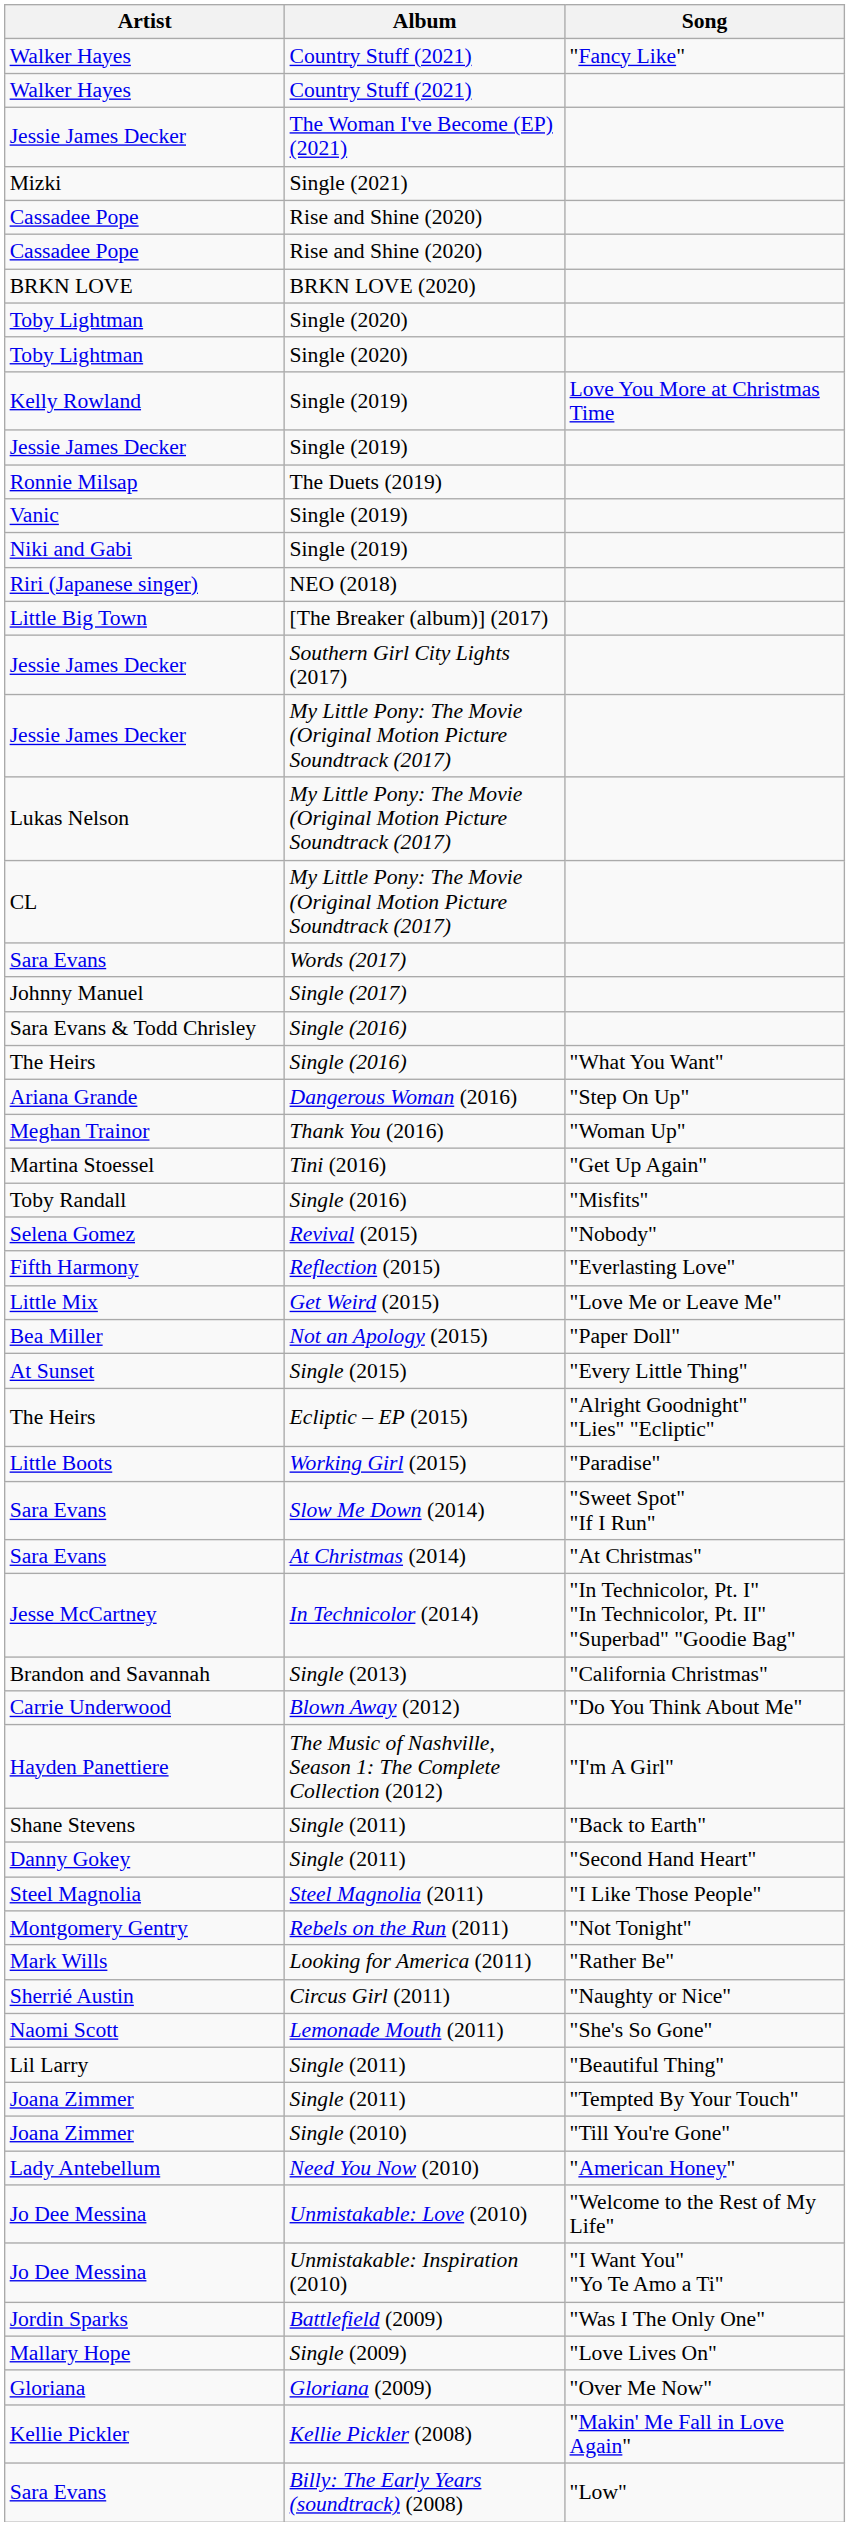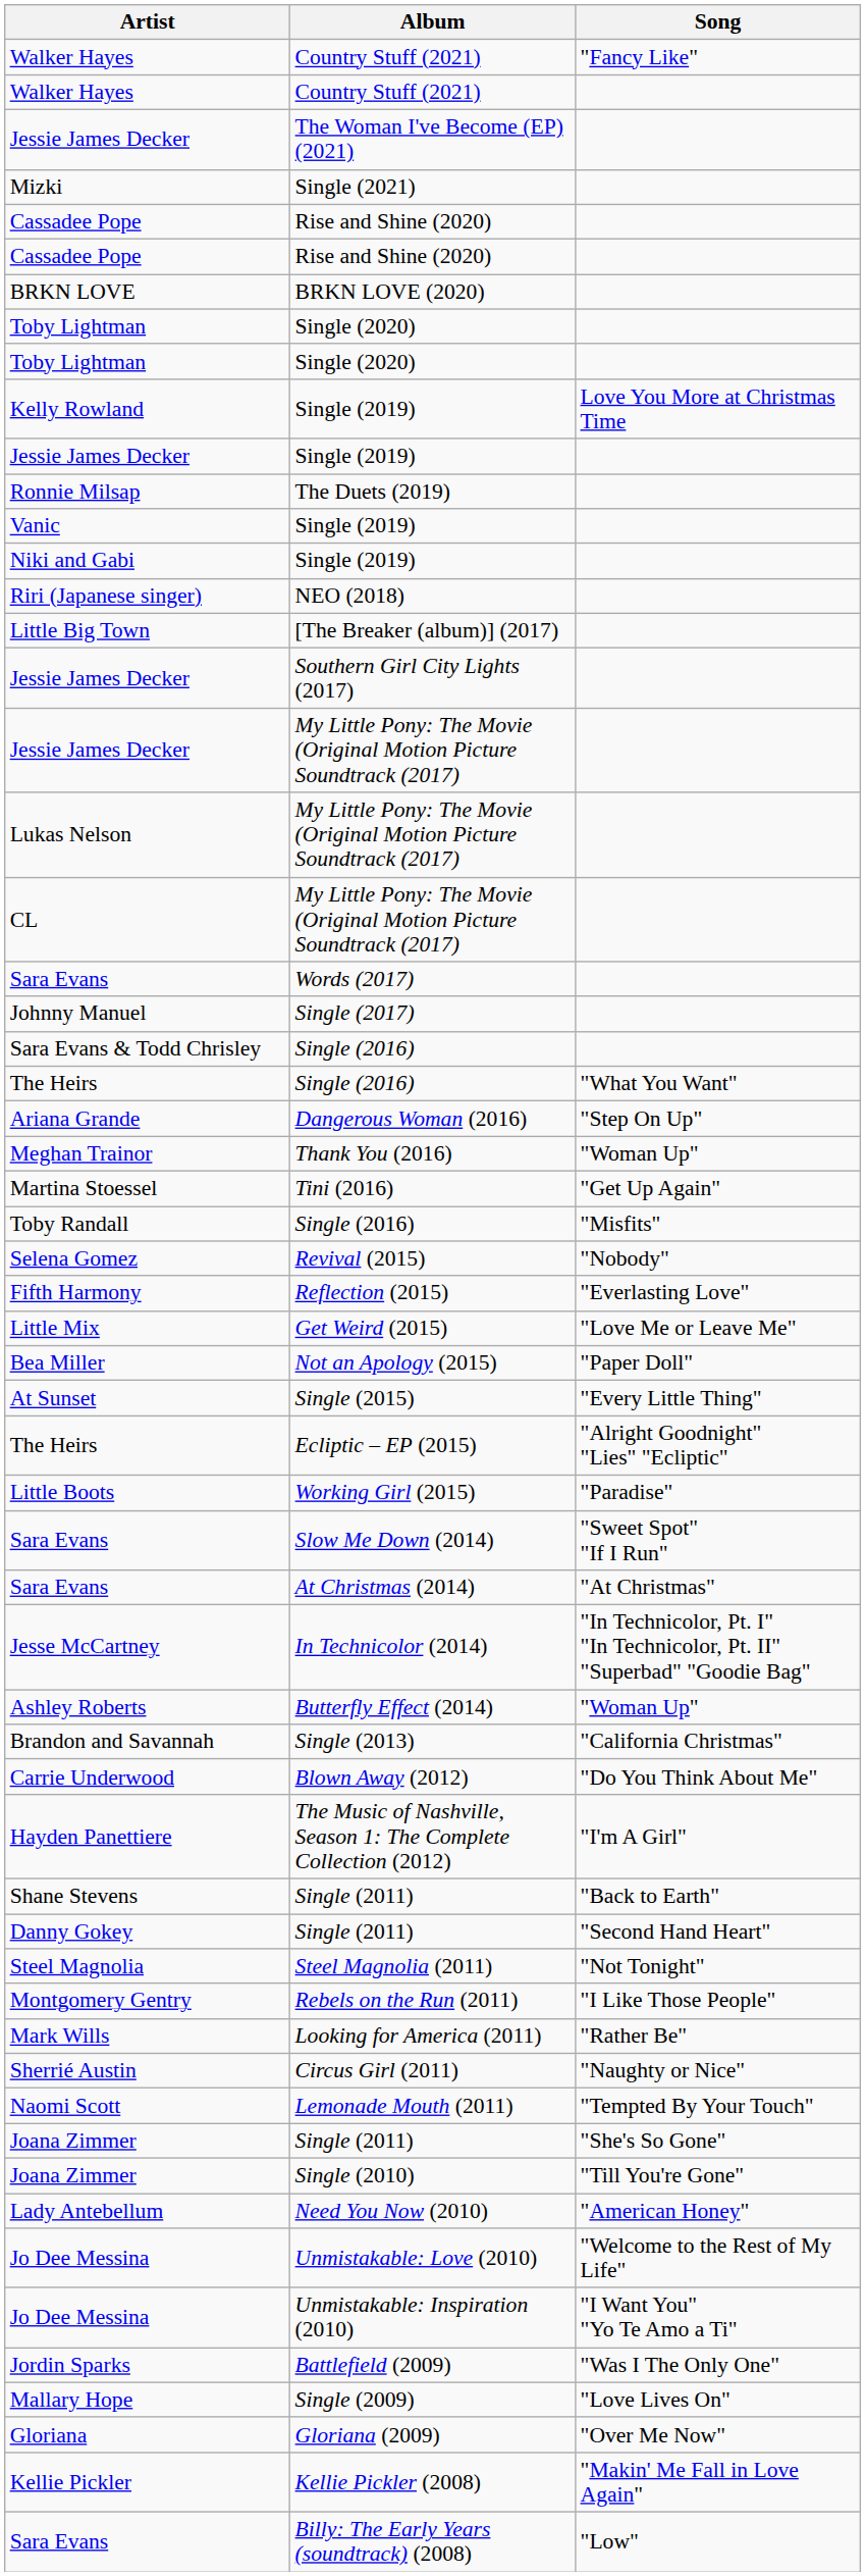 <table class="wikitable">
 <tr>
 <th width="200">Artist</th>
 <th width="200">Album</th>
 <th width="200">Song</th>
 </tr>
 <tr>
 <td><a href='#'>Walker Hayes</a></td>
 <td><a href='#'>Country Stuff (2021)</a></td>
 <td>"<a href='#'>Fancy Like</a>"</td>
 </tr>
 <tr>
 <td><a href='#'>Walker Hayes</a></td>
 <td><a href='#'>Country Stuff (2021)</a></td>
 <td></td>
 </tr>
 <tr>
 <td><a href='#'>Jessie James Decker</a></td>
 <td><a href='#'>The Woman I've Become (EP) (2021)</a></td>
 <td></td>
 </tr>
 <tr>
 <td>Mizki</td>
 <td>Single (2021)</td>
 <td></td>
 </tr>
 <tr>
 <td><a href='#'>Cassadee Pope</a></td>
 <td>Rise and Shine (2020)</td>
 <td></td>
 </tr>
 <tr>
 <td><a href='#'>Cassadee Pope</a></td>
 <td>Rise and Shine (2020)</td>
 <td></td>
 </tr>
 <tr>
 <td>BRKN LOVE</td>
 <td>BRKN LOVE (2020)</td>
 <td></td>
 </tr>
 <tr>
 <td><a href='#'>Toby Lightman</a></td>
 <td>Single (2020)</td>
 <td></td>
 </tr>
 <tr>
 <td><a href='#'>Toby Lightman</a></td>
 <td>Single (2020)</td>
 <td></td>
 </tr>
 <tr>
 <td><a href='#'>Kelly Rowland</a></td>
 <td>Single (2019)</td>
 <td><a href='#'>Love You More at Christmas Time</a></td>
 </tr>
 <tr>
 <td><a href='#'>Jessie James Decker</a></td>
 <td>Single (2019)</td>
 <td></td>
 </tr>
 <tr>
 <td><a href='#'>Ronnie Milsap</a></td>
 <td>The Duets (2019)</td>
 <td></td>
 </tr>
 <tr>
 <td><a href='#'>Vanic</a></td>
 <td>Single (2019)</td>
 <td></td>
 </tr>
 <tr>
 <td><a href='#'>Niki and Gabi</a></td>
 <td>Single (2019)</td>
 <td></td>
 </tr>
 <tr>
 <td><a href='#'>Riri (Japanese singer)</a></td>
 <td>NEO (2018)</td>
 <td></td>
 </tr>
 <tr>
 <td><a href='#'>Little Big Town</a></td>
 <td>[The Breaker (album)] (2017)</td>
 <td></td>
 </tr>
 <tr>
 <td><a href='#'>Jessie James Decker</a></td>
 <td><em>Southern Girl City Lights</em> (2017)</td>
 <td></td>
 </tr>
 <tr>
 <td><a href='#'>Jessie James Decker</a></td>
 <td><em>My Little Pony: The Movie (Original Motion Picture Soundtrack (2017)</em></td>
 <td></td>
 </tr>
 <tr>
 <td>Lukas Nelson</td>
 <td><em>My Little Pony: The Movie (Original Motion Picture Soundtrack (2017)</em></td>
 <td></td>
 </tr>
 <tr>
 <td>CL</td>
 <td><em>My Little Pony: The Movie (Original Motion Picture Soundtrack (2017)</em></td>
 <td></td>
 </tr>
 <tr>
 <td><a href='#'>Sara Evans</a></td>
 <td><em>Words (2017)</em></td>
 <td></td>
 </tr>
 <tr>
 <td>Johnny Manuel</td>
 <td><em>Single (2017)</em></td>
 <td></td>
 </tr>
 <tr>
 <td>Sara Evans & Todd Chrisley</td>
 <td><em>Single (2016)</em></td>
 <td></td>
 </tr>
 <tr>
 <td>The Heirs</td>
 <td><em>Single (2016)</em></td>
 <td>"What You Want"</td>
 </tr>
 <tr>
 <td><a href='#'>Ariana Grande</a></td>
 <td><em><a href='#'>Dangerous Woman</a></em> (2016)</td>
 <td>"Step On Up"</td>
 </tr>
 <tr>
 <td><a href='#'>Meghan Trainor</a></td>
 <td><em>Thank You</em> (2016)</td>
 <td>"Woman Up"</td>
 </tr>
 <tr>
 <td>Martina Stoessel</td>
 <td><em>Tini</em> (2016)</td>
 <td>"Get Up Again"</td>
 </tr>
 <tr>
 <td>Toby Randall</td>
 <td><em>Single</em> (2016)</td>
 <td>"Misfits"</td>
 </tr>
 <tr>
 <td><a href='#'>Selena Gomez</a></td>
 <td><em><a href='#'>Revival</a></em> (2015)</td>
 <td>"Nobody"</td>
 </tr>
 <tr>
 <td><a href='#'>Fifth Harmony</a></td>
 <td><em><a href='#'>Reflection</a></em> (2015)</td>
 <td>"Everlasting Love"</td>
 </tr>
 <tr>
 <td><a href='#'>Little Mix</a></td>
 <td><em><a href='#'>Get Weird</a></em> (2015)</td>
 <td>"Love Me or Leave Me"</td>
 </tr>
 <tr>
 <td><a href='#'>Bea Miller</a></td>
 <td><em><a href='#'>Not an Apology</a></em> (2015)</td>
 <td>"Paper Doll"</td>
 </tr>
 <tr>
 <td><a href='#'>At Sunset</a></td>
 <td><em>Single</em> (2015)</td>
 <td>"Every Little Thing"</td>
 </tr>
 <tr>
 <td>The Heirs</td>
 <td><em>Ecliptic – EP</em> (2015)</td>
 <td>"Alright Goodnight"<br>"Lies" "Ecliptic"</td>
 </tr>
 <tr>
 <td><a href='#'>Little Boots</a></td>
 <td><em><a href='#'>Working Girl</a></em> (2015)</td>
 <td>"Paradise"</td>
 </tr>
 <tr>
 <td><a href='#'>Sara Evans</a></td>
 <td><em><a href='#'>Slow Me Down</a></em> (2014)</td>
 <td>"Sweet Spot"<br>"If I Run"</td>
 </tr>
 <tr>
 <td><a href='#'>Sara Evans</a></td>
 <td><em><a href='#'>At Christmas</a></em> (2014)</td>
 <td>"At Christmas"</td>
 </tr>
 <tr>
 <td><a href='#'>Jesse McCartney</a></td>
 <td><em><a href='#'>In Technicolor</a></em> (2014)</td>
 <td>"In Technicolor, Pt. I"<br>"In Technicolor, Pt. II" "Superbad" "Goodie Bag"</td>
 </tr>
 <tr>
+<td><a href='#'>Ashley Roberts</a></td>
+<td><em><a href='#'>Butterfly Effect</a> </em> (2014)</td>
+<td>"<a href='#'>Woman Up</a>"</td>
+</tr>
+<tr>
 <td>Brandon and Savannah</td>
 <td><em>Single</em> (2013)</td>
 <td>"California Christmas"</td>
 </tr>
 <tr>
 <td><a href='#'>Carrie Underwood</a></td>
 <td><em><a href='#'>Blown Away</a></em> (2012)</td>
 <td>"Do You Think About Me"</td>
 </tr>
 <tr>
 <td><a href='#'>Hayden Panettiere</a></td>
 <td><em>The Music of Nashville, Season 1: The Complete Collection</em> (2012)</td>
 <td>"I'm A Girl"</td>
 </tr>
 <tr>
 <td>Shane Stevens</td>
 <td><em>Single</em> (2011)</td>
 <td>"Back to Earth"</td>
 </tr>
 <tr>
 <td><a href='#'>Danny Gokey</a></td>
 <td><em>Single</em> (2011)</td>
 <td>"Second Hand Heart"</td>
 </tr>
 <tr>
 <td><a href='#'>Steel Magnolia</a></td>
 <td><em><a href='#'>Steel Magnolia</a></em> (2011)</td>
-<td>"I Like Those People"</td>
+<td>"Not Tonight"</td>
 </tr>
 <tr>
 <td><a href='#'>Montgomery Gentry</a></td>
 <td><em><a href='#'>Rebels on the Run</a></em> (2011)</td>
-<td>"Not Tonight"</td>
+<td>"I Like Those People"</td>
 </tr>
 <tr>
 <td><a href='#'>Mark Wills</a></td>
 <td><em>Looking for America</em> (2011)</td>
 <td>"Rather Be"</td>
 </tr>
 <tr>
 <td><a href='#'>Sherrié Austin</a></td>
 <td><em>Circus Girl</em> (2011)</td>
 <td>"Naughty or Nice"</td>
 </tr>
 <tr>
 <td><a href='#'>Naomi Scott</a></td>
 <td><em><a href='#'>Lemonade Mouth</a></em> (2011)</td>
-<td>"She's So Gone"</td>
-</tr>
-<tr>
-<td>Lil Larry</td>
-<td><em>Single</em> (2011)</td>
-<td>"Beautiful Thing"</td>
+<td>"Tempted By Your Touch"</td>
 </tr>
 <tr>
 <td><a href='#'>Joana Zimmer</a></td>
 <td><em>Single</em> (2011)</td>
-<td>"Tempted By Your Touch"</td>
+<td>"She's So Gone"</td>
 </tr>
 <tr>
 <td><a href='#'>Joana Zimmer</a></td>
 <td><em>Single</em> (2010)</td>
 <td>"Till You're Gone"</td>
 </tr>
 <tr>
 <td><a href='#'>Lady Antebellum</a></td>
 <td><em><a href='#'>Need You Now</a></em> (2010)</td>
 <td>"<a href='#'>American Honey</a>"</td>
 </tr>
 <tr>
 <td><a href='#'>Jo Dee Messina</a></td>
 <td><em><a href='#'>Unmistakable: Love</a></em> (2010)</td>
 <td>"Welcome to the Rest of My Life"</td>
 </tr>
 <tr>
 <td><a href='#'>Jo Dee Messina</a></td>
 <td><em>Unmistakable: Inspiration</em> (2010)</td>
 <td>"I Want You"<br>"Yo Te Amo a Ti"</td>
 </tr>
 <tr>
 <td><a href='#'>Jordin Sparks</a></td>
 <td><em><a href='#'>Battlefield</a></em>  (2009)</td>
 <td>"Was I The Only One"</td>
 </tr>
 <tr>
 <td><a href='#'>Mallary Hope</a></td>
 <td><em>Single</em> (2009)</td>
 <td>"Love Lives On"</td>
 </tr>
 <tr>
 <td><a href='#'>Gloriana</a></td>
 <td><em><a href='#'>Gloriana</a></em> (2009)</td>
 <td>"Over Me Now"</td>
 </tr>
 <tr>
 <td><a href='#'>Kellie Pickler</a></td>
 <td><em><a href='#'>Kellie Pickler</a></em> (2008)</td>
 <td>"<a href='#'>Makin' Me Fall in Love Again</a>"</td>
 </tr>
 <tr>
 <td><a href='#'>Sara Evans</a></td>
 <td><em><a href='#'>Billy: The Early Years (soundtrack)</a></em> (2008)</td>
 <td>"Low"</td>
 </tr>
 <tr>
 </tr>
 </table>
